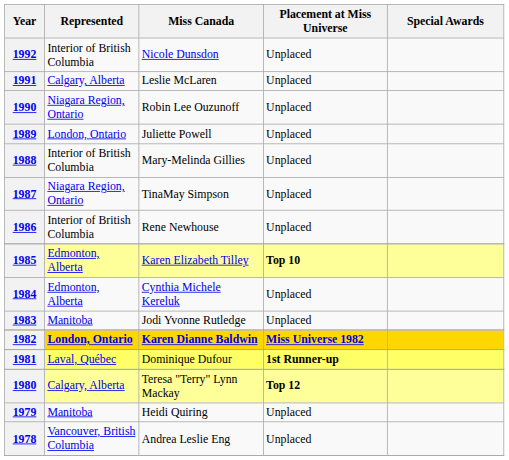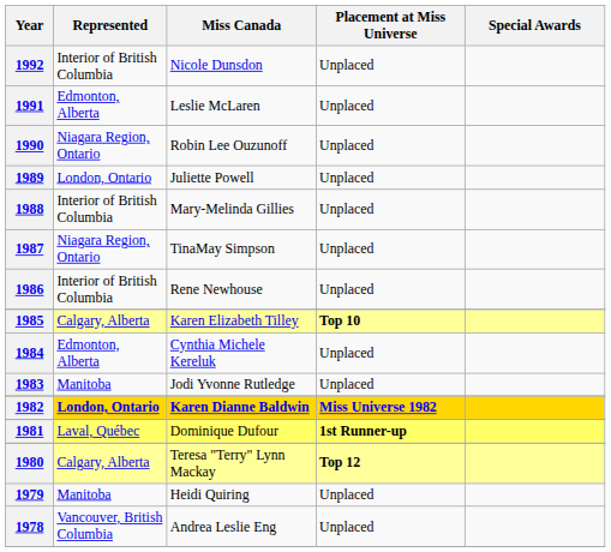 <table class="wikitable sortable" style="font-size:90%">
 <tr>
 <th width="60">Year</th>
 <th width="150">Represented</th>
 <th width="250">Miss Canada</th>
 <th width="250">Placement at Miss Universe</th>
 <th width="250">Special Awards</th>
 </tr>
 <tr>
 <th><a href='#'>1992</a></th>
 <td>Interior of British Columbia</td>
 <td><a href='#'>Nicole Dunsdon</a></td>
 <td>Unplaced</td>
 <td></td>
 </tr>
 <tr>
 <th><a href='#'>1991</a></th>
-<td><a href='#'>Calgary, Alberta</a></td>
+<td><a href='#'>Edmonton, Alberta</a></td>
 <td>Leslie McLaren</td>
 <td>Unplaced</td>
 <td></td>
 </tr>
 <tr>
 <th><a href='#'>1990</a></th>
 <td><a href='#'>Niagara Region, Ontario</a></td>
 <td>Robin Lee Ouzunoff</td>
 <td>Unplaced</td>
 <td></td>
 </tr>
 <tr>
 <th><a href='#'>1989</a></th>
 <td><a href='#'>London, Ontario</a></td>
 <td>Juliette Powell</td>
 <td>Unplaced</td>
 <td></td>
 </tr>
 <tr>
 <th><a href='#'>1988</a></th>
 <td>Interior of British Columbia</td>
 <td>Mary-Melinda Gillies</td>
 <td>Unplaced</td>
 <td></td>
 </tr>
 <tr>
 <th><a href='#'>1987</a></th>
 <td><a href='#'>Niagara Region, Ontario</a></td>
 <td>TinaMay Simpson</td>
 <td>Unplaced</td>
 <td></td>
 </tr>
 <tr>
 <th><a href='#'>1986</a></th>
 <td>Interior of British Columbia</td>
 <td>Rene Newhouse</td>
 <td>Unplaced</td>
 <td></td>
 </tr>
 <tr>
 </tr>
 <tr style="background-color:#FFFF99;">
 <th><a href='#'>1985</a></th>
-<td><a href='#'>Edmonton, Alberta</a></td>
+<td><a href='#'>Calgary, Alberta</a></td>
 <td><a href='#'>Karen Elizabeth Tilley</a></td>
 <td><strong>Top 10</strong></td>
 <td></td>
 </tr>
 <tr>
 <th><a href='#'>1984</a></th>
 <td><a href='#'>Edmonton, Alberta</a></td>
 <td><a href='#'>Cynthia Michele Kereluk</a></td>
 <td>Unplaced</td>
 <td></td>
 </tr>
 <tr>
 <th><a href='#'>1983</a></th>
 <td><a href='#'>Manitoba</a></td>
 <td>Jodi Yvonne Rutledge</td>
 <td>Unplaced</td>
 <td></td>
 </tr>
 <tr>
 </tr>
 <tr style="background-color:gold;">
 <th><strong><a href='#'>1982</a></strong></th>
 <td><strong><a href='#'>London, Ontario</a></strong></td>
 <td><strong><a href='#'>Karen Dianne Baldwin</a></strong></td>
 <td><strong><a href='#'>Miss Universe 1982</a></strong></td>
 <td></td>
 </tr>
 <tr>
 </tr>
 <tr style="background-color:#FFFF66">
 <th><a href='#'>1981</a></th>
 <td><a href='#'>Laval, Québec</a></td>
 <td>Dominique Dufour</td>
 <td><strong>1st Runner-up</strong></td>
 <td></td>
 </tr>
 <tr>
 </tr>
 <tr style="background-color:#FFFF99;">
 <th><a href='#'>1980</a></th>
 <td><a href='#'>Calgary, Alberta</a></td>
 <td>Teresa "Terry" Lynn Mackay</td>
 <td><strong>Top 12</strong></td>
 <td></td>
 </tr>
 <tr>
 <th><a href='#'>1979</a></th>
 <td><a href='#'>Manitoba</a></td>
 <td>Heidi Quiring</td>
 <td>Unplaced</td>
 <td></td>
 </tr>
 <tr>
 <th><a href='#'>1978</a></th>
 <td><a href='#'>Vancouver, British Columbia</a></td>
 <td>Andrea Leslie Eng</td>
 <td>Unplaced</td>
 <td></td>
 </tr>
 <tr>
 </tr>
 </table>
